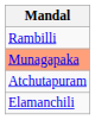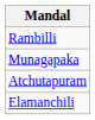 <table class="wikitable sortable static-row-numbers static-row-header-hash">
 <tr>
 <th>Mandal</th>
 </tr>
 <tr>
 <td><a href='#'>Rambilli</a></td>
 </tr>
 <tr>
-<td style="background: lightsalmon;"><a href='#'>Munagapaka</a></td>
+<td><a href='#'>Munagapaka</a></td>
 </tr>
 <tr>
 <td><a href='#'>Atchutapuram</a></td>
 </tr>
 <tr>
 <td><a href='#'>Elamanchili</a></td>
 </tr>
 </table>
